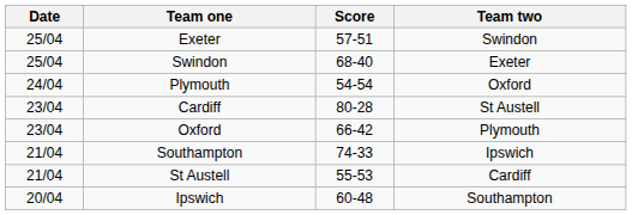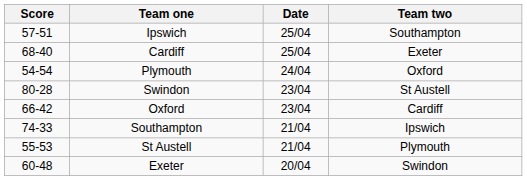 <table class="wikitable" style="text-align: center">
 <tr>
+<th width=80>Score</th>
+<th width=250>Team one</th>
 <th width=80>Date</th>
-<th width=250>Team one</th>
-<th width=80>Score</th>
 <th width=250>Team two</th>
 </tr>
 <tr>
+<td>57-51</td>
+<td>Ipswich</td>
 <td>25/04</td>
-<td>Exeter</td>
-<td>57-51</td>
-<td>Swindon</td>
+<td>Southampton</td>
 </tr>
 <tr>
+<td>68-40</td>
+<td>Cardiff</td>
 <td>25/04</td>
-<td>Swindon</td>
-<td>68-40</td>
 <td>Exeter</td>
 </tr>
 <tr>
+<td>54-54</td>
+<td>Plymouth</td>
 <td>24/04</td>
-<td>Plymouth</td>
-<td>54-54</td>
 <td>Oxford</td>
 </tr>
 <tr>
+<td>80-28</td>
+<td>Swindon</td>
 <td>23/04</td>
-<td>Cardiff</td>
-<td>80-28</td>
 <td>St Austell</td>
 </tr>
 <tr>
+<td>66-42</td>
+<td>Oxford</td>
 <td>23/04</td>
-<td>Oxford</td>
-<td>66-42</td>
+<td>Cardiff</td>
+</tr>
+<tr>
+<td>74-33</td>
+<td>Southampton</td>
+<td>21/04</td>
+<td>Ipswich</td>
+</tr>
+<tr>
+<td>55-53</td>
+<td>St Austell</td>
+<td>21/04</td>
 <td>Plymouth</td>
 </tr>
 <tr>
-<td>21/04</td>
-<td>Southampton</td>
-<td>74-33</td>
-<td>Ipswich</td>
-</tr>
-<tr>
-<td>21/04</td>
-<td>St Austell</td>
-<td>55-53</td>
-<td>Cardiff</td>
-</tr>
-<tr>
+<td>60-48</td>
+<td>Exeter</td>
 <td>20/04</td>
-<td>Ipswich</td>
-<td>60-48</td>
-<td>Southampton</td>
+<td>Swindon</td>
 </tr>
 </table>
